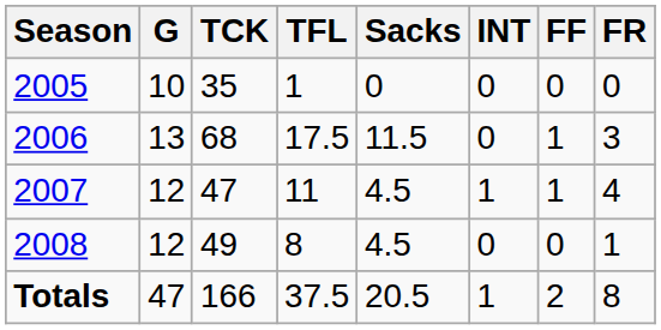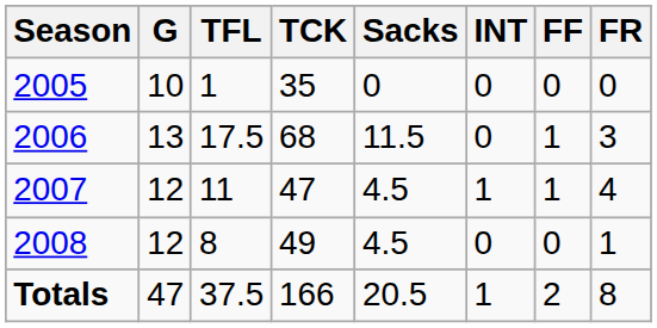 <table class="wikitable">
 <tr>
 <th>Season</th>
 <th>G</th>
+<th>TFL</th>
 <th>TCK</th>
-<th>TFL</th>
 <th>Sacks</th>
 <th>INT</th>
 <th>FF</th>
 <th>FR</th>
 </tr>
 <tr>
 <td><a href='#'>2005</a></td>
 <td>10</td>
+<td>1</td>
 <td>35</td>
-<td>1</td>
 <td>0</td>
 <td>0</td>
 <td>0</td>
 <td>0</td>
 </tr>
 <tr>
 <td><a href='#'>2006</a></td>
 <td>13</td>
+<td>17.5</td>
 <td>68</td>
-<td>17.5</td>
 <td>11.5</td>
 <td>0</td>
 <td>1</td>
 <td>3</td>
 </tr>
 <tr>
 <td><a href='#'>2007</a></td>
 <td>12</td>
+<td>11</td>
 <td>47</td>
-<td>11</td>
 <td>4.5</td>
 <td>1</td>
 <td>1</td>
 <td>4</td>
 </tr>
 <tr>
 <td><a href='#'>2008</a></td>
 <td>12</td>
+<td>8</td>
 <td>49</td>
-<td>8</td>
 <td>4.5</td>
 <td>0</td>
 <td>0</td>
 <td>1</td>
 </tr>
 <tr>
 <td><strong>Totals</strong></td>
 <td>47</td>
+<td>37.5</td>
 <td>166</td>
-<td>37.5</td>
 <td>20.5</td>
 <td>1</td>
 <td>2</td>
 <td>8</td>
 </tr>
 </table>
